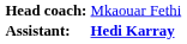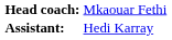 <table>
 <tr>
 <td><strong>Head coach:</strong></td>
 <td><a href='#'>Mkaouar Fethi</a></td>
 </tr>
 <tr>
 <td><strong>Assistant:</strong></td>
-<td><strong><a href='#'>Hedi Karray</a></strong></td>
+<td><a href='#'>Hedi Karray</a></td>
 </tr>
 </table>
